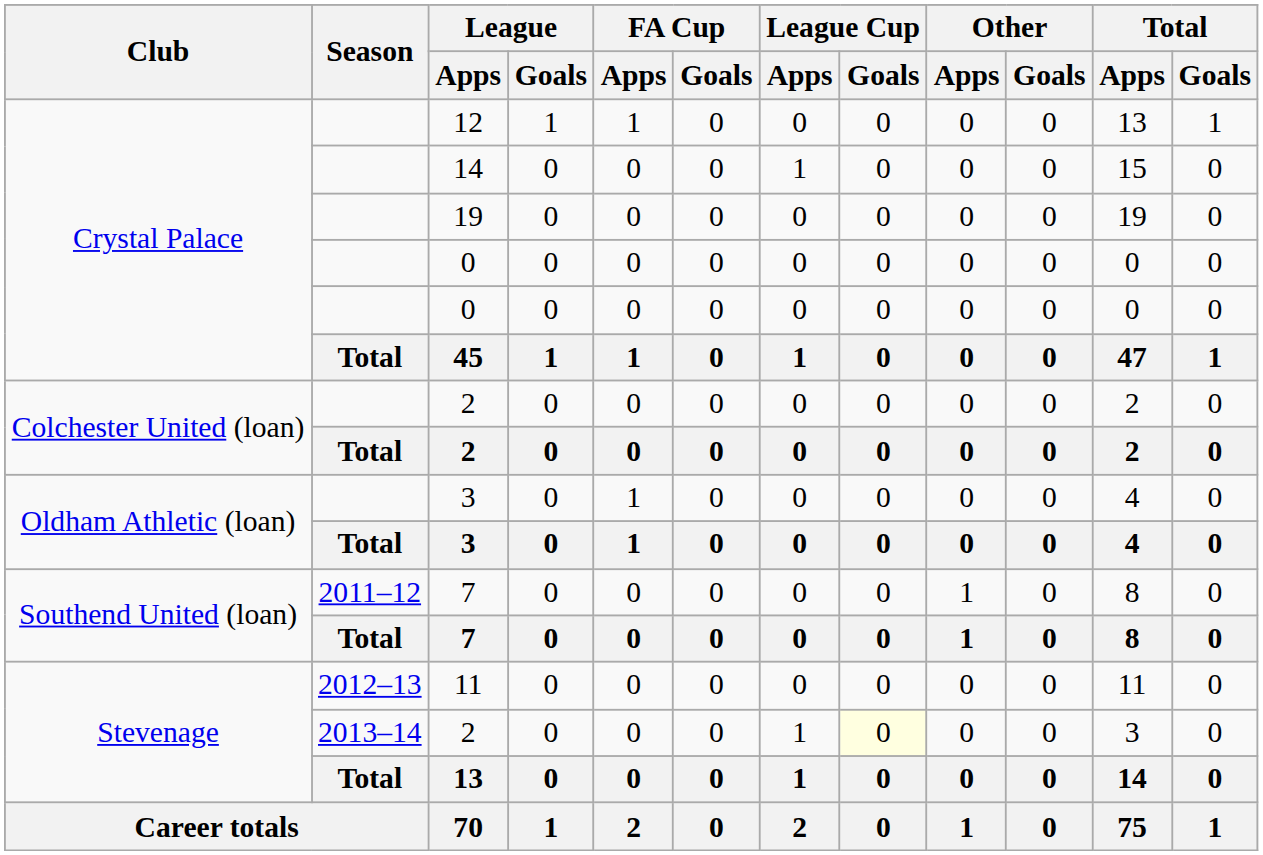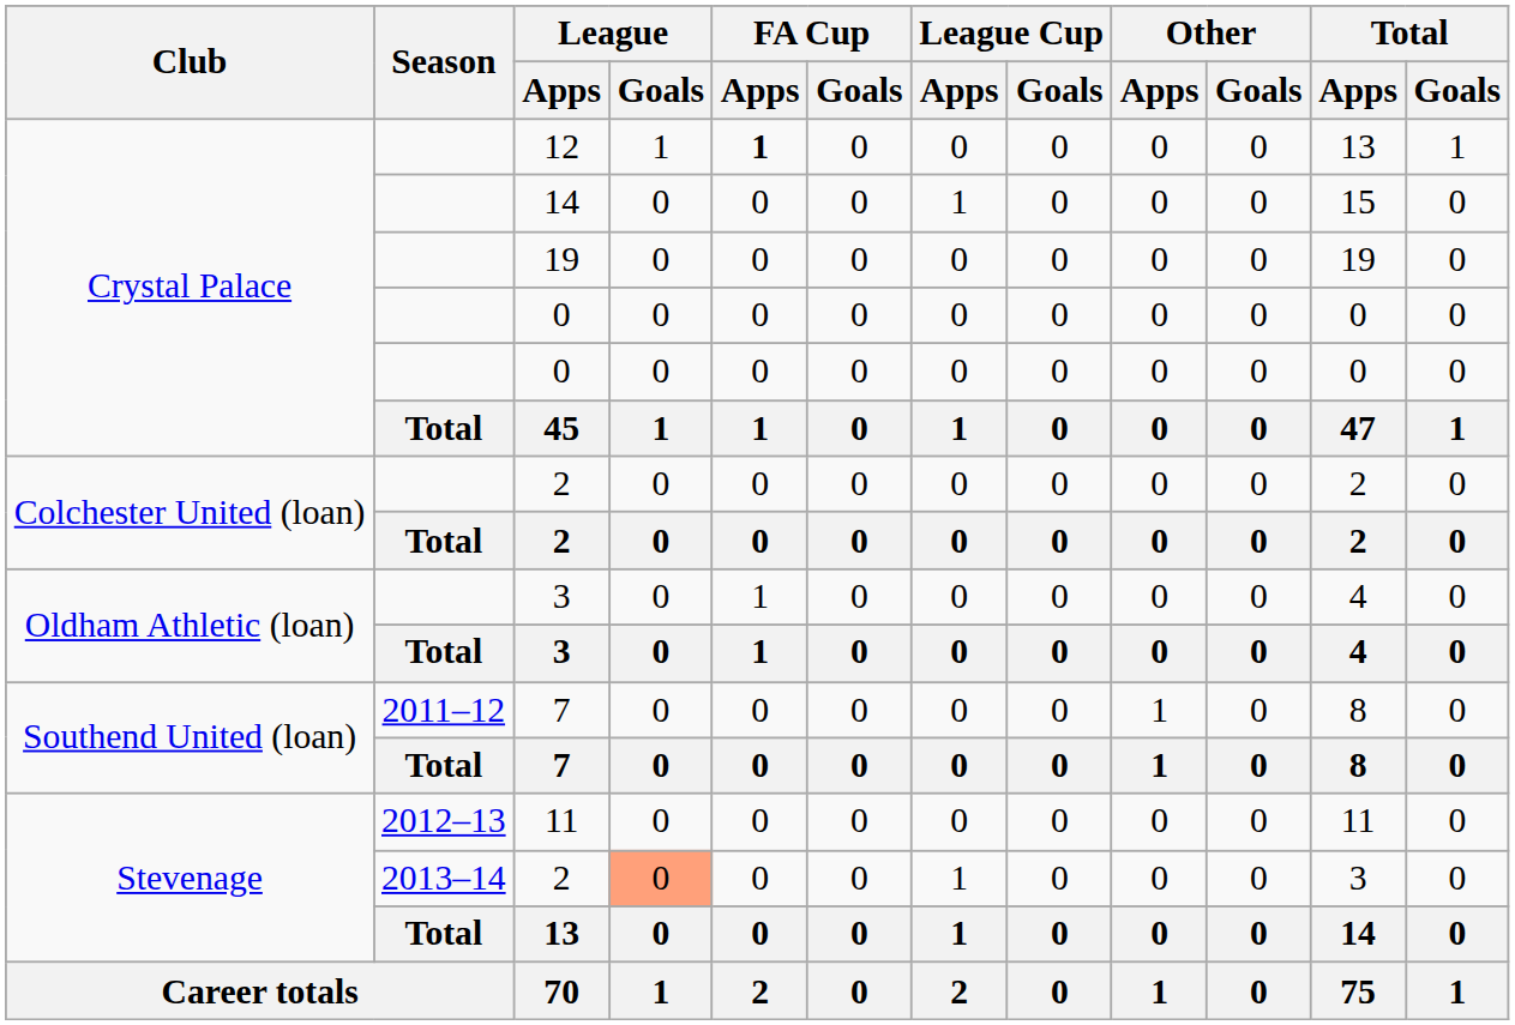 <table class="wikitable" style="text-align: center;">
 <tr>
 <th rowspan="2">Club</th>
 <th rowspan="2">Season</th>
 <th colspan="2">League</th>
 <th colspan="2">FA Cup</th>
 <th colspan="2">League Cup</th>
 <th colspan="2">Other</th>
 <th colspan="2">Total</th>
 </tr>
 <tr>
 <th>Apps</th>
 <th>Goals</th>
 <th>Apps</th>
 <th>Goals</th>
 <th>Apps</th>
 <th>Goals</th>
 <th>Apps</th>
 <th>Goals</th>
 <th>Apps</th>
 <th>Goals</th>
 </tr>
 <tr>
 <td rowspan="6"><a href='#'>Crystal Palace</a></td>
 <td></td>
 <td>12</td>
 <td>1</td>
-<td>1</td>
+<td><strong>1</strong></td>
 <td>0</td>
 <td>0</td>
 <td>0</td>
 <td>0</td>
 <td>0</td>
 <td>13</td>
 <td>1</td>
 </tr>
 <tr>
 <td></td>
 <td>14</td>
 <td>0</td>
 <td>0</td>
 <td>0</td>
 <td>1</td>
 <td>0</td>
 <td>0</td>
 <td>0</td>
 <td>15</td>
 <td>0</td>
 </tr>
 <tr>
 <td></td>
 <td>19</td>
 <td>0</td>
 <td>0</td>
 <td>0</td>
 <td>0</td>
 <td>0</td>
 <td>0</td>
 <td>0</td>
 <td>19</td>
 <td>0</td>
 </tr>
 <tr>
 <td></td>
 <td>0</td>
 <td>0</td>
 <td>0</td>
 <td>0</td>
 <td>0</td>
 <td>0</td>
 <td>0</td>
 <td>0</td>
 <td>0</td>
 <td>0</td>
 </tr>
 <tr>
 <td></td>
 <td>0</td>
 <td>0</td>
 <td>0</td>
 <td>0</td>
 <td>0</td>
 <td>0</td>
 <td>0</td>
 <td>0</td>
 <td>0</td>
 <td>0</td>
 </tr>
 <tr>
 <th>Total</th>
 <th>45</th>
 <th>1</th>
 <th>1</th>
 <th>0</th>
 <th>1</th>
 <th>0</th>
 <th>0</th>
 <th>0</th>
 <th>47</th>
 <th>1</th>
 </tr>
 <tr>
 <td rowspan="2"><a href='#'>Colchester United</a> (loan)</td>
 <td></td>
 <td>2</td>
 <td>0</td>
 <td>0</td>
 <td>0</td>
 <td>0</td>
 <td>0</td>
 <td>0</td>
 <td>0</td>
 <td>2</td>
 <td>0</td>
 </tr>
 <tr>
 <th>Total</th>
 <th>2</th>
 <th>0</th>
 <th>0</th>
 <th>0</th>
 <th>0</th>
 <th>0</th>
 <th>0</th>
 <th>0</th>
 <th>2</th>
 <th>0</th>
 </tr>
 <tr>
 <td rowspan="2"><a href='#'>Oldham Athletic</a> (loan)</td>
 <td></td>
 <td>3</td>
 <td>0</td>
 <td>1</td>
 <td>0</td>
 <td>0</td>
 <td>0</td>
 <td>0</td>
 <td>0</td>
 <td>4</td>
 <td>0</td>
 </tr>
 <tr>
 <th>Total</th>
 <th>3</th>
 <th>0</th>
 <th>1</th>
 <th>0</th>
 <th>0</th>
 <th>0</th>
 <th>0</th>
 <th>0</th>
 <th>4</th>
 <th>0</th>
 </tr>
 <tr>
 <td rowspan="2"><a href='#'>Southend United</a> (loan)</td>
 <td><a href='#'>2011–12</a></td>
 <td>7</td>
 <td>0</td>
 <td>0</td>
 <td>0</td>
 <td>0</td>
 <td>0</td>
 <td>1</td>
 <td>0</td>
 <td>8</td>
 <td>0</td>
 </tr>
 <tr>
 <th>Total</th>
 <th>7</th>
 <th>0</th>
 <th>0</th>
 <th>0</th>
 <th>0</th>
 <th>0</th>
 <th>1</th>
 <th>0</th>
 <th>8</th>
 <th>0</th>
 </tr>
 <tr>
 <td rowspan="3"><a href='#'>Stevenage</a></td>
 <td><a href='#'>2012–13</a></td>
 <td>11</td>
 <td>0</td>
 <td>0</td>
 <td>0</td>
 <td>0</td>
 <td>0</td>
 <td>0</td>
 <td>0</td>
 <td>11</td>
 <td>0</td>
 </tr>
 <tr>
 <td><a href='#'>2013–14</a></td>
 <td>2</td>
-<td>0</td>
+<td style="background: lightsalmon;">0</td>
 <td>0</td>
 <td>0</td>
 <td>1</td>
-<td style="background: lightyellow;">0</td>
+<td>0</td>
 <td>0</td>
 <td>0</td>
 <td>3</td>
 <td>0</td>
 </tr>
 <tr>
 <th>Total</th>
 <th>13</th>
 <th>0</th>
 <th>0</th>
 <th>0</th>
 <th>1</th>
 <th>0</th>
 <th>0</th>
 <th>0</th>
 <th>14</th>
 <th>0</th>
 </tr>
 <tr>
 <th colspan="2">Career totals</th>
 <th>70</th>
 <th>1</th>
 <th>2</th>
 <th>0</th>
 <th>2</th>
 <th>0</th>
 <th>1</th>
 <th>0</th>
 <th>75</th>
 <th>1</th>
 </tr>
 </table>
